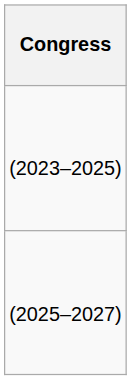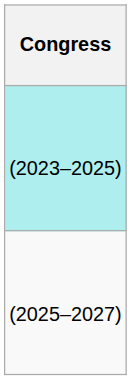 <table class="wikitable" style="float:left; margin:0; margin-right:-0.5px; margin-top:14px; text-align:center;">
 <tr style="white-space:nowrap; height:4.04em;">
 <th>Congress</th>
 </tr>
 <tr style="white-space:nowrap; height:7.36em;">
-<td><strong></strong><br>(2023–2025)</td>
+<td style="background: paleturquoise;"><strong></strong><br>(2023–2025)</td>
 </tr>
 <tr style="white-space:nowrap; height:7.23em;">
 <td><strong></strong><br>(2025–2027)</td>
 </tr>
 </table>
